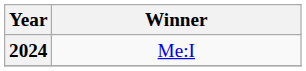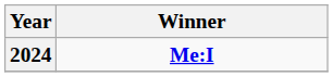 <table class="wikitable plainrowheaders" style="text-align:center">
 <tr>
 <th scope="col">Year</th>
 <th scope="col" width="200">Winner</th>
 </tr>
 <tr>
 <th scope="row">2024</th>
-<td><a href='#'>Me:I</a></td>
+<td><strong><a href='#'>Me:I</a></strong></td>
 </tr>
 <tr>
 </tr>
 </table>
